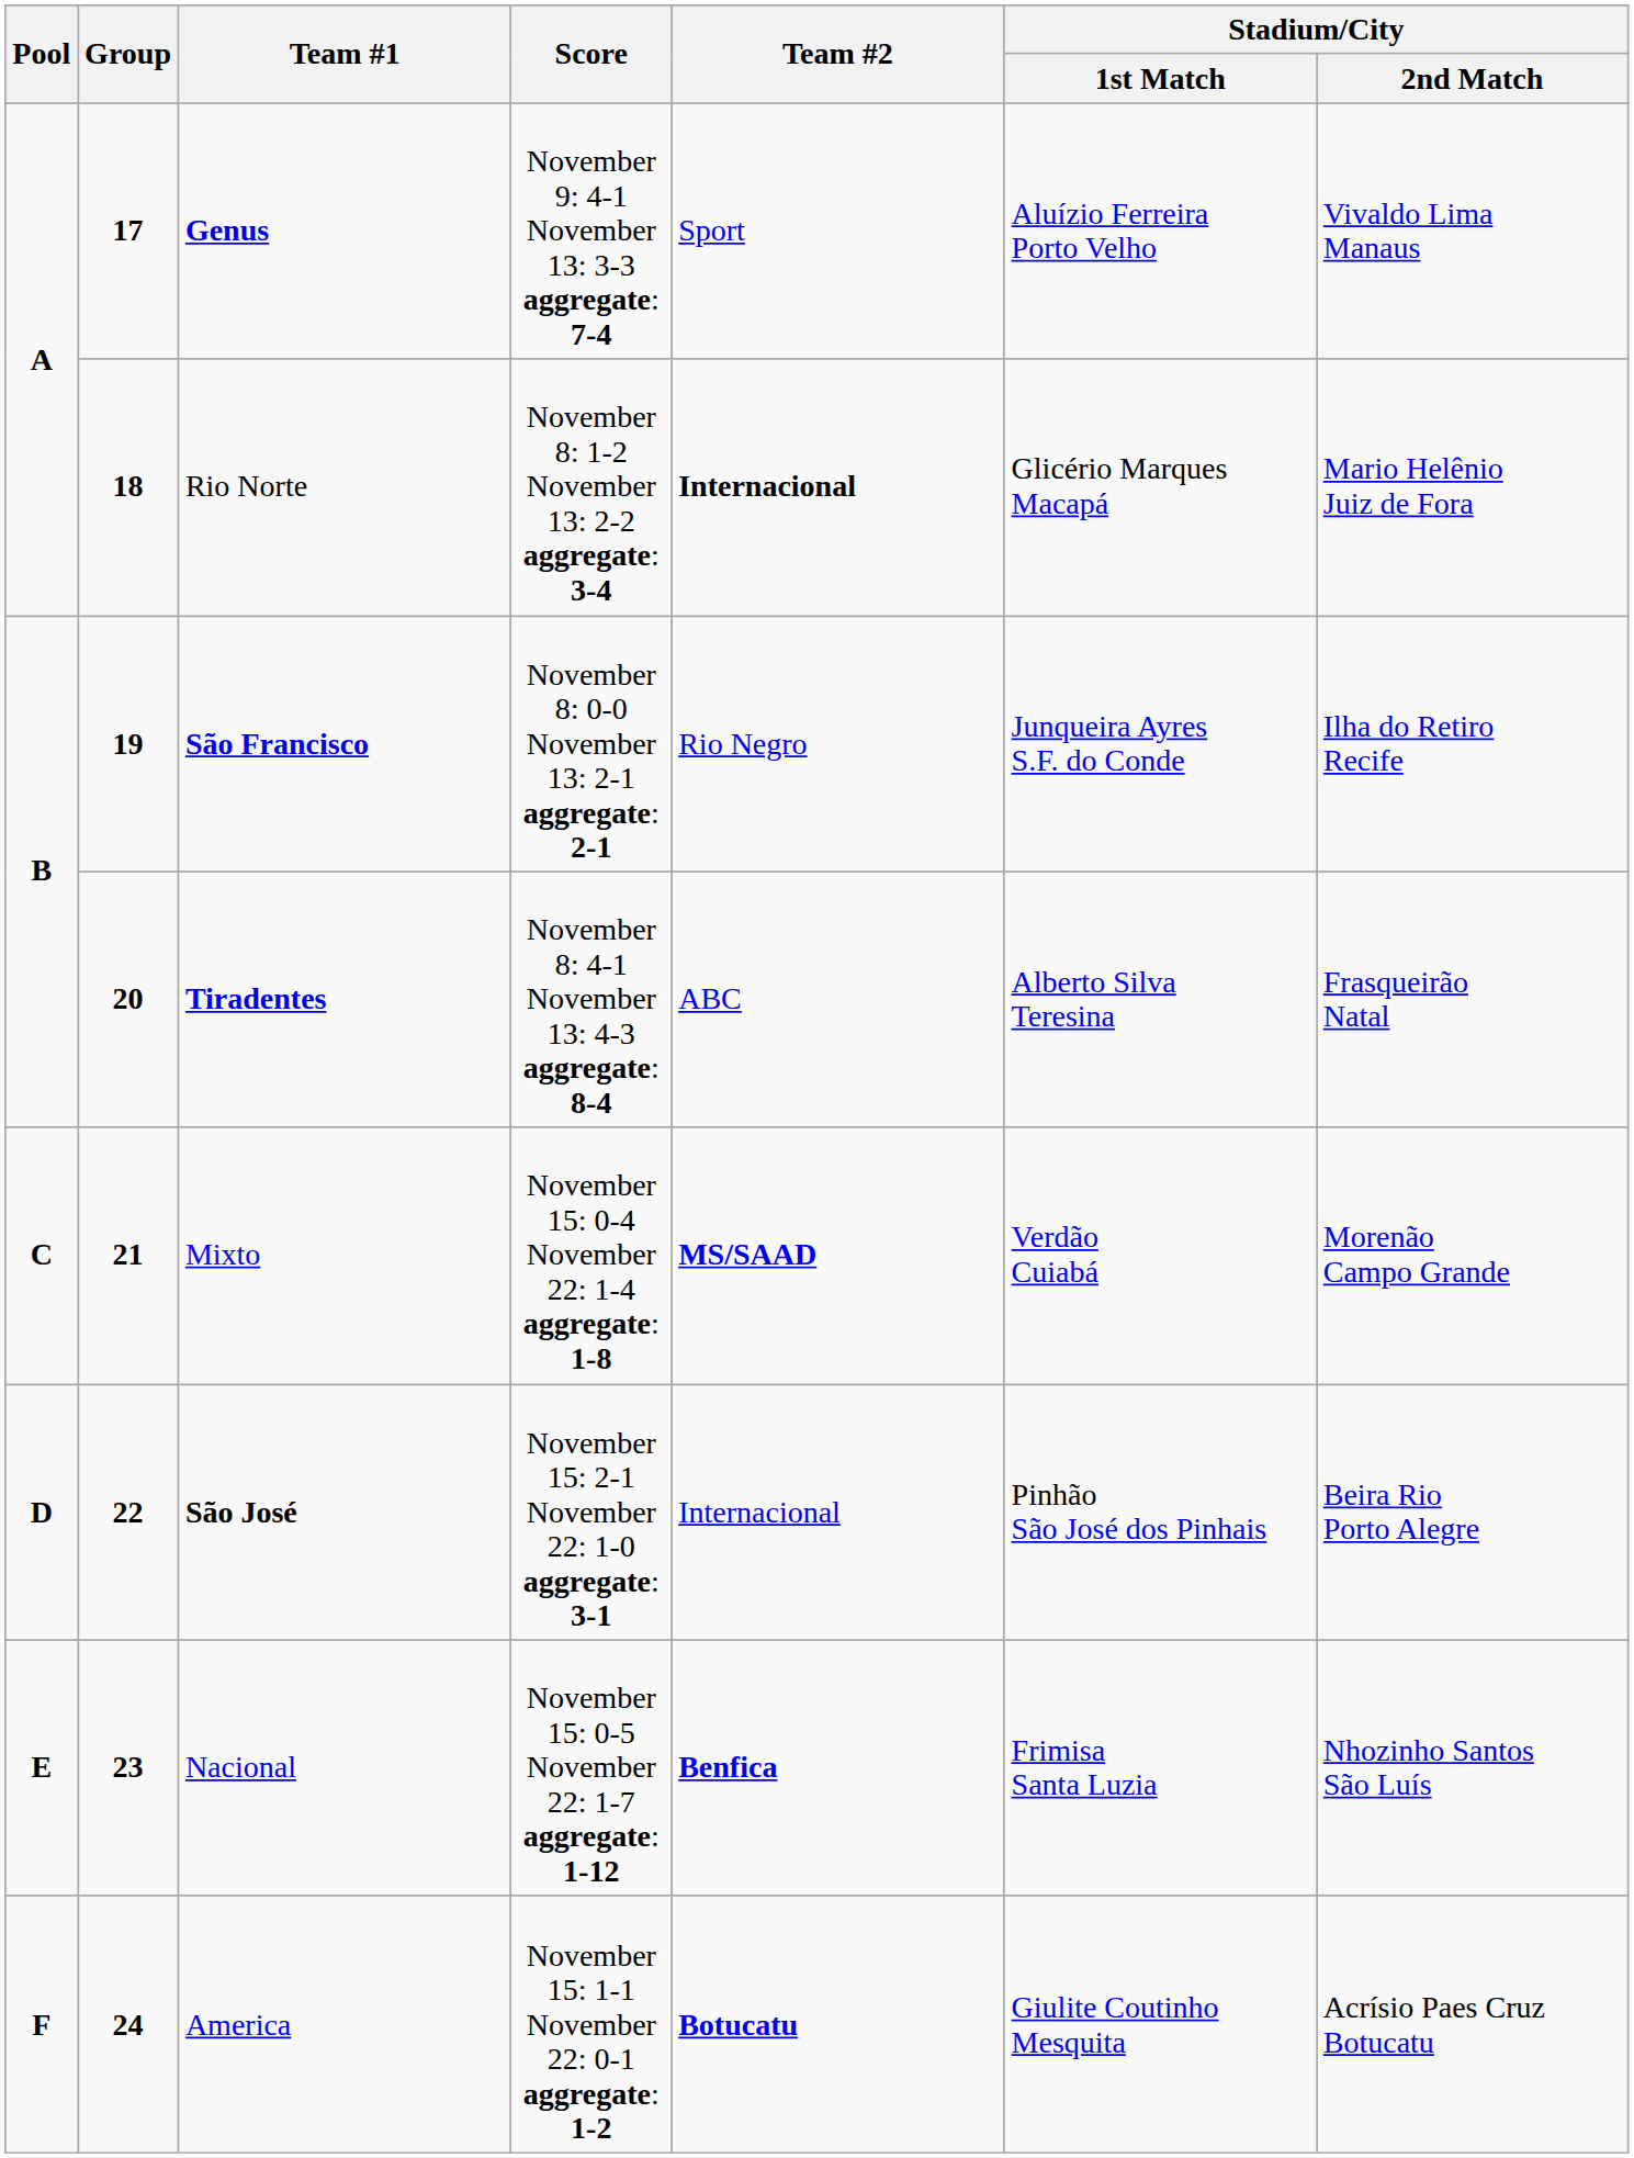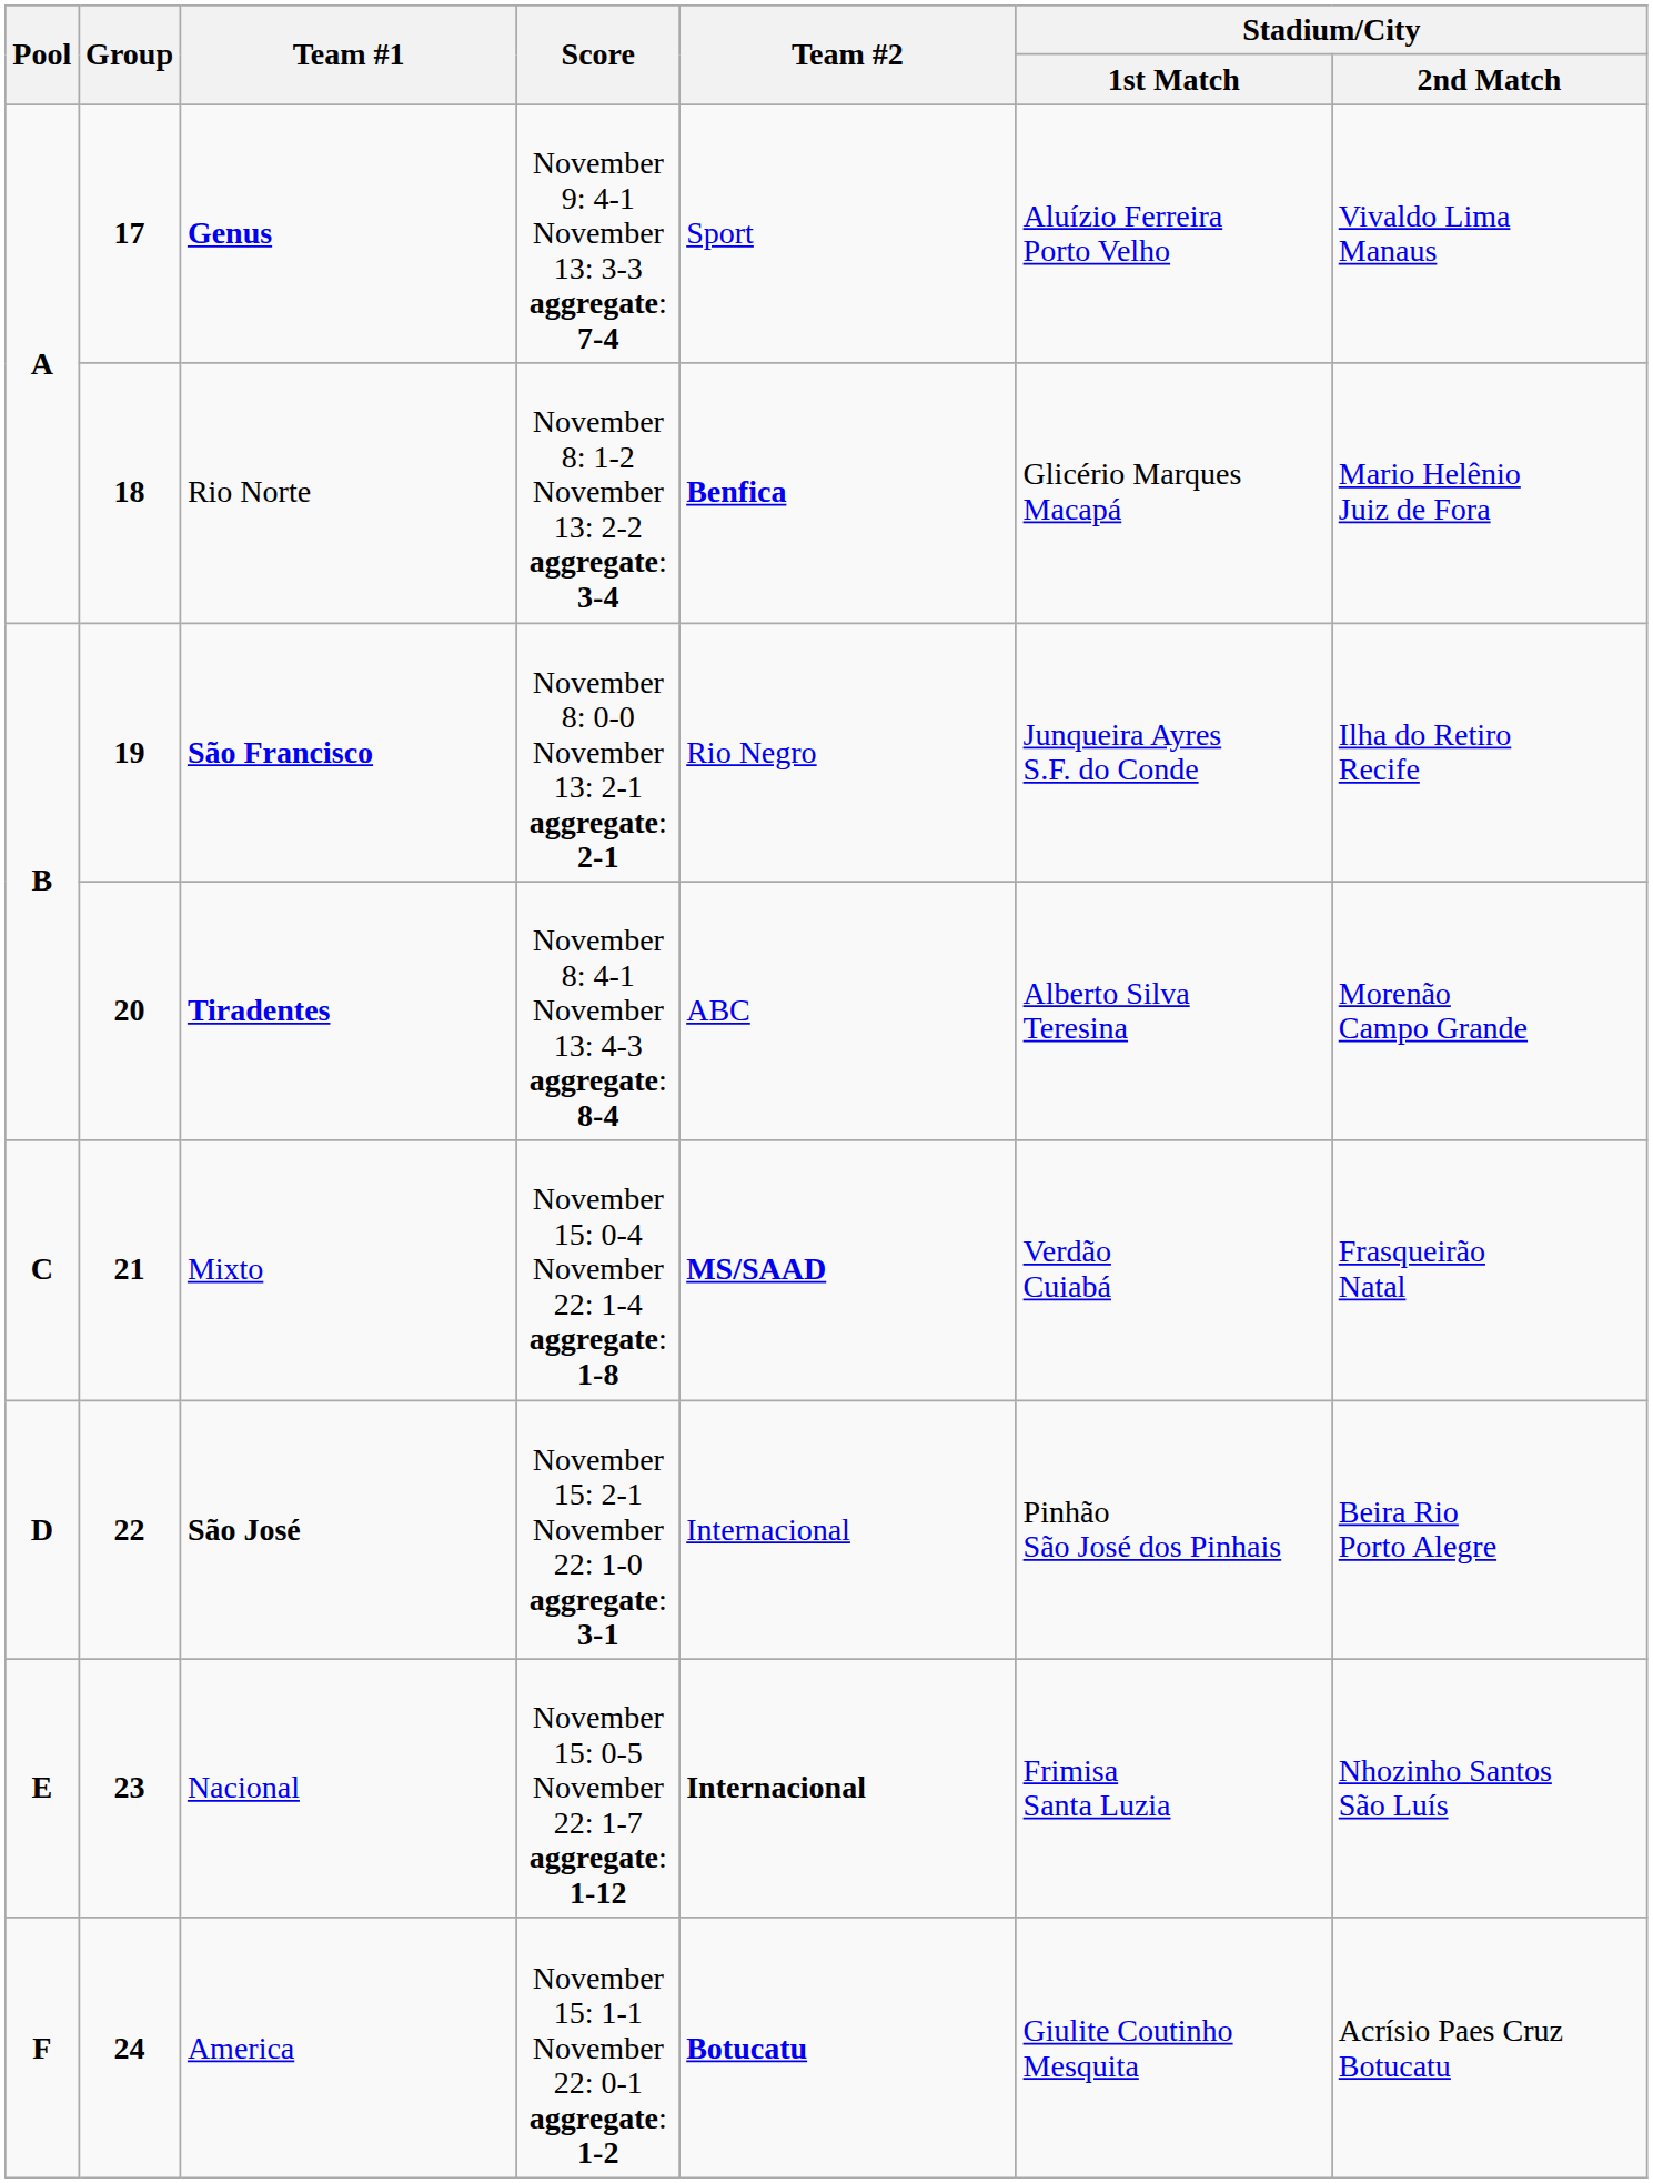 <table class="wikitable">
 <tr>
 <th width="20" rowspan=2>Pool</th>
 <th width="20" rowspan=2>Group</th>
 <th width="166" rowspan=2>Team #1</th>
 <th width="76" rowspan=2>Score</th>
 <th width="166" rowspan=2>Team #2</th>
 <th colspan=2>Stadium/City</th>
 </tr>
 <tr>
 <th width="155">1st Match</th>
 <th width="155">2nd Match</th>
 </tr>
 <tr>
 <td rowspan=2 style="text-align:center"><strong>A</strong></td>
 <td style="text-align:center"><strong>17</strong></td>
 <td> <strong><a href='#'>Genus</a></strong></td>
 <td style="text-align:center"><br>November 9: 4-1<br> November 13: 3-3<br> <strong>aggregate</strong>: <strong>7-4</strong></td>
 <td> <a href='#'>Sport</a></td>
 <td><a href='#'>Aluízio Ferreira</a> <br>  <a href='#'>Porto Velho</a></td>
 <td><a href='#'>Vivaldo Lima</a> <br>  <a href='#'>Manaus</a></td>
 </tr>
 <tr>
 <td style="text-align:center"><strong>18</strong></td>
 <td> Rio Norte</td>
 <td style="text-align:center"><br>November 8: 1-2<br> November 13: 2-2<br> <strong>aggregate</strong>: <strong>3-4</strong></td>
-<td> <strong>Internacional</strong></td>
+<td> <strong><a href='#'>Benfica</a></strong></td>
 <td>Glicério Marques <br>  <a href='#'>Macapá</a></td>
 <td><a href='#'>Mario Helênio</a> <br>  <a href='#'>Juiz de Fora</a></td>
 </tr>
 <tr>
 <td rowspan=2 style="text-align:center"><strong>B</strong></td>
 <td style="text-align:center"><strong>19</strong></td>
 <td> <strong><a href='#'>São Francisco</a></strong></td>
 <td style="text-align:center"><br>November 8: 0-0<br> November 13: 2-1<br> <strong>aggregate</strong>: <strong>2-1</strong></td>
 <td> <a href='#'>Rio Negro</a></td>
 <td><a href='#'>Junqueira Ayres</a> <br>  <a href='#'>S.F. do Conde</a></td>
 <td><a href='#'>Ilha do Retiro</a> <br>  <a href='#'>Recife</a></td>
 </tr>
 <tr>
 <td style="text-align:center"><strong>20</strong></td>
 <td> <strong><a href='#'>Tiradentes</a></strong></td>
 <td style="text-align:center"><br>November 8: 4-1<br> November 13: 4-3<br> <strong>aggregate</strong>: <strong>8-4</strong></td>
 <td> <a href='#'>ABC</a></td>
 <td><a href='#'>Alberto Silva</a> <br>  <a href='#'>Teresina</a></td>
-<td><a href='#'>Frasqueirão</a> <br>  <a href='#'>Natal</a></td>
+<td><a href='#'>Morenão</a> <br>  <a href='#'>Campo Grande</a></td>
 </tr>
 <tr>
 <td style="text-align:center"><strong>C</strong></td>
 <td style="text-align:center"><strong>21</strong></td>
 <td> <a href='#'>Mixto</a></td>
 <td style="text-align:center"><br>November 15: 0-4<br> November 22: 1-4<br> <strong>aggregate</strong>: <strong>1-8</strong></td>
 <td> <strong><a href='#'>MS/SAAD</a></strong></td>
 <td><a href='#'>Verdão</a> <br>  <a href='#'>Cuiabá</a></td>
-<td><a href='#'>Morenão</a> <br>  <a href='#'>Campo Grande</a></td>
+<td><a href='#'>Frasqueirão</a> <br>  <a href='#'>Natal</a></td>
 </tr>
 <tr>
 <td style="text-align:center"><strong>D</strong></td>
 <td style="text-align:center"><strong>22</strong></td>
 <td> <strong>São José</strong></td>
 <td style="text-align:center"><br>November 15: 2-1<br> November 22: 1-0<br> <strong>aggregate</strong>: <strong>3-1</strong></td>
 <td> <a href='#'>Internacional</a></td>
 <td>Pinhão <br>  <a href='#'>São José dos Pinhais</a></td>
 <td><a href='#'>Beira Rio</a> <br>  <a href='#'>Porto Alegre</a></td>
 </tr>
 <tr>
 <td style="text-align:center"><strong>E</strong></td>
 <td style="text-align:center"><strong>23</strong></td>
 <td> <a href='#'>Nacional</a></td>
 <td style="text-align:center"><br>November 15: 0-5<br> November 22: 1-7<br> <strong>aggregate</strong>: <strong>1-12</strong></td>
-<td> <strong><a href='#'>Benfica</a></strong></td>
+<td> <strong>Internacional</strong></td>
 <td><a href='#'>Frimisa</a> <br>  <a href='#'>Santa Luzia</a></td>
 <td><a href='#'>Nhozinho Santos</a> <br>  <a href='#'>São Luís</a></td>
 </tr>
 <tr>
 <td style="text-align:center"><strong>F</strong></td>
 <td style="text-align:center"><strong>24</strong></td>
 <td> <a href='#'>America</a></td>
 <td style="text-align:center"><br>November 15: 1-1<br> November 22: 0-1<br> <strong>aggregate</strong>: <strong>1-2</strong></td>
 <td> <strong><a href='#'>Botucatu</a></strong></td>
 <td><a href='#'>Giulite Coutinho</a> <br>  <a href='#'>Mesquita</a></td>
 <td>Acrísio Paes Cruz <br>  <a href='#'>Botucatu</a></td>
 </tr>
 </table>
